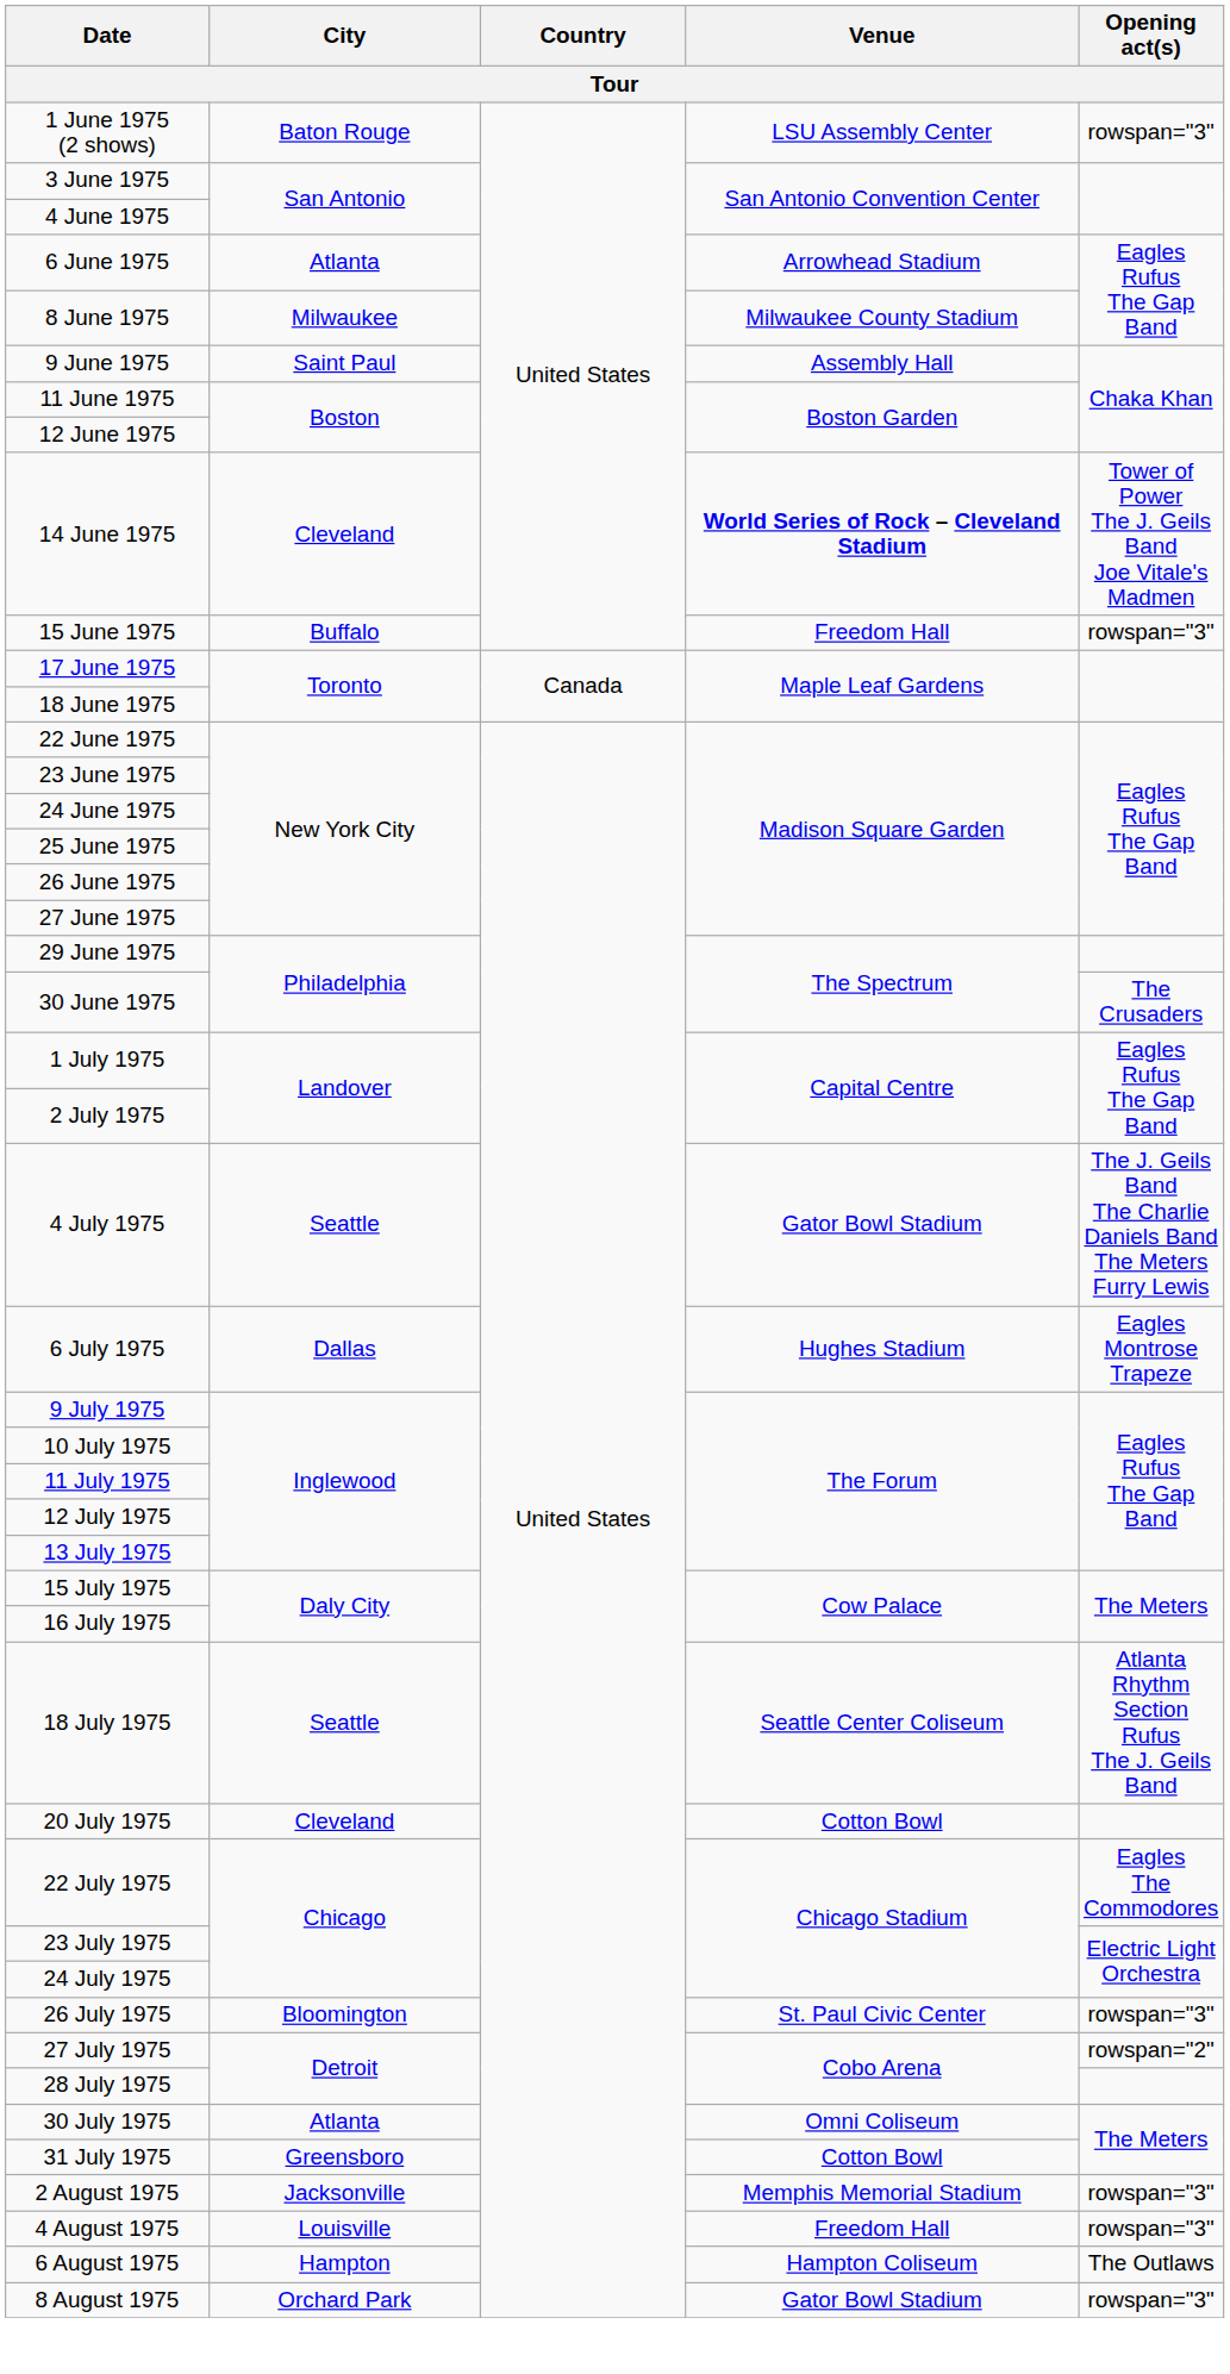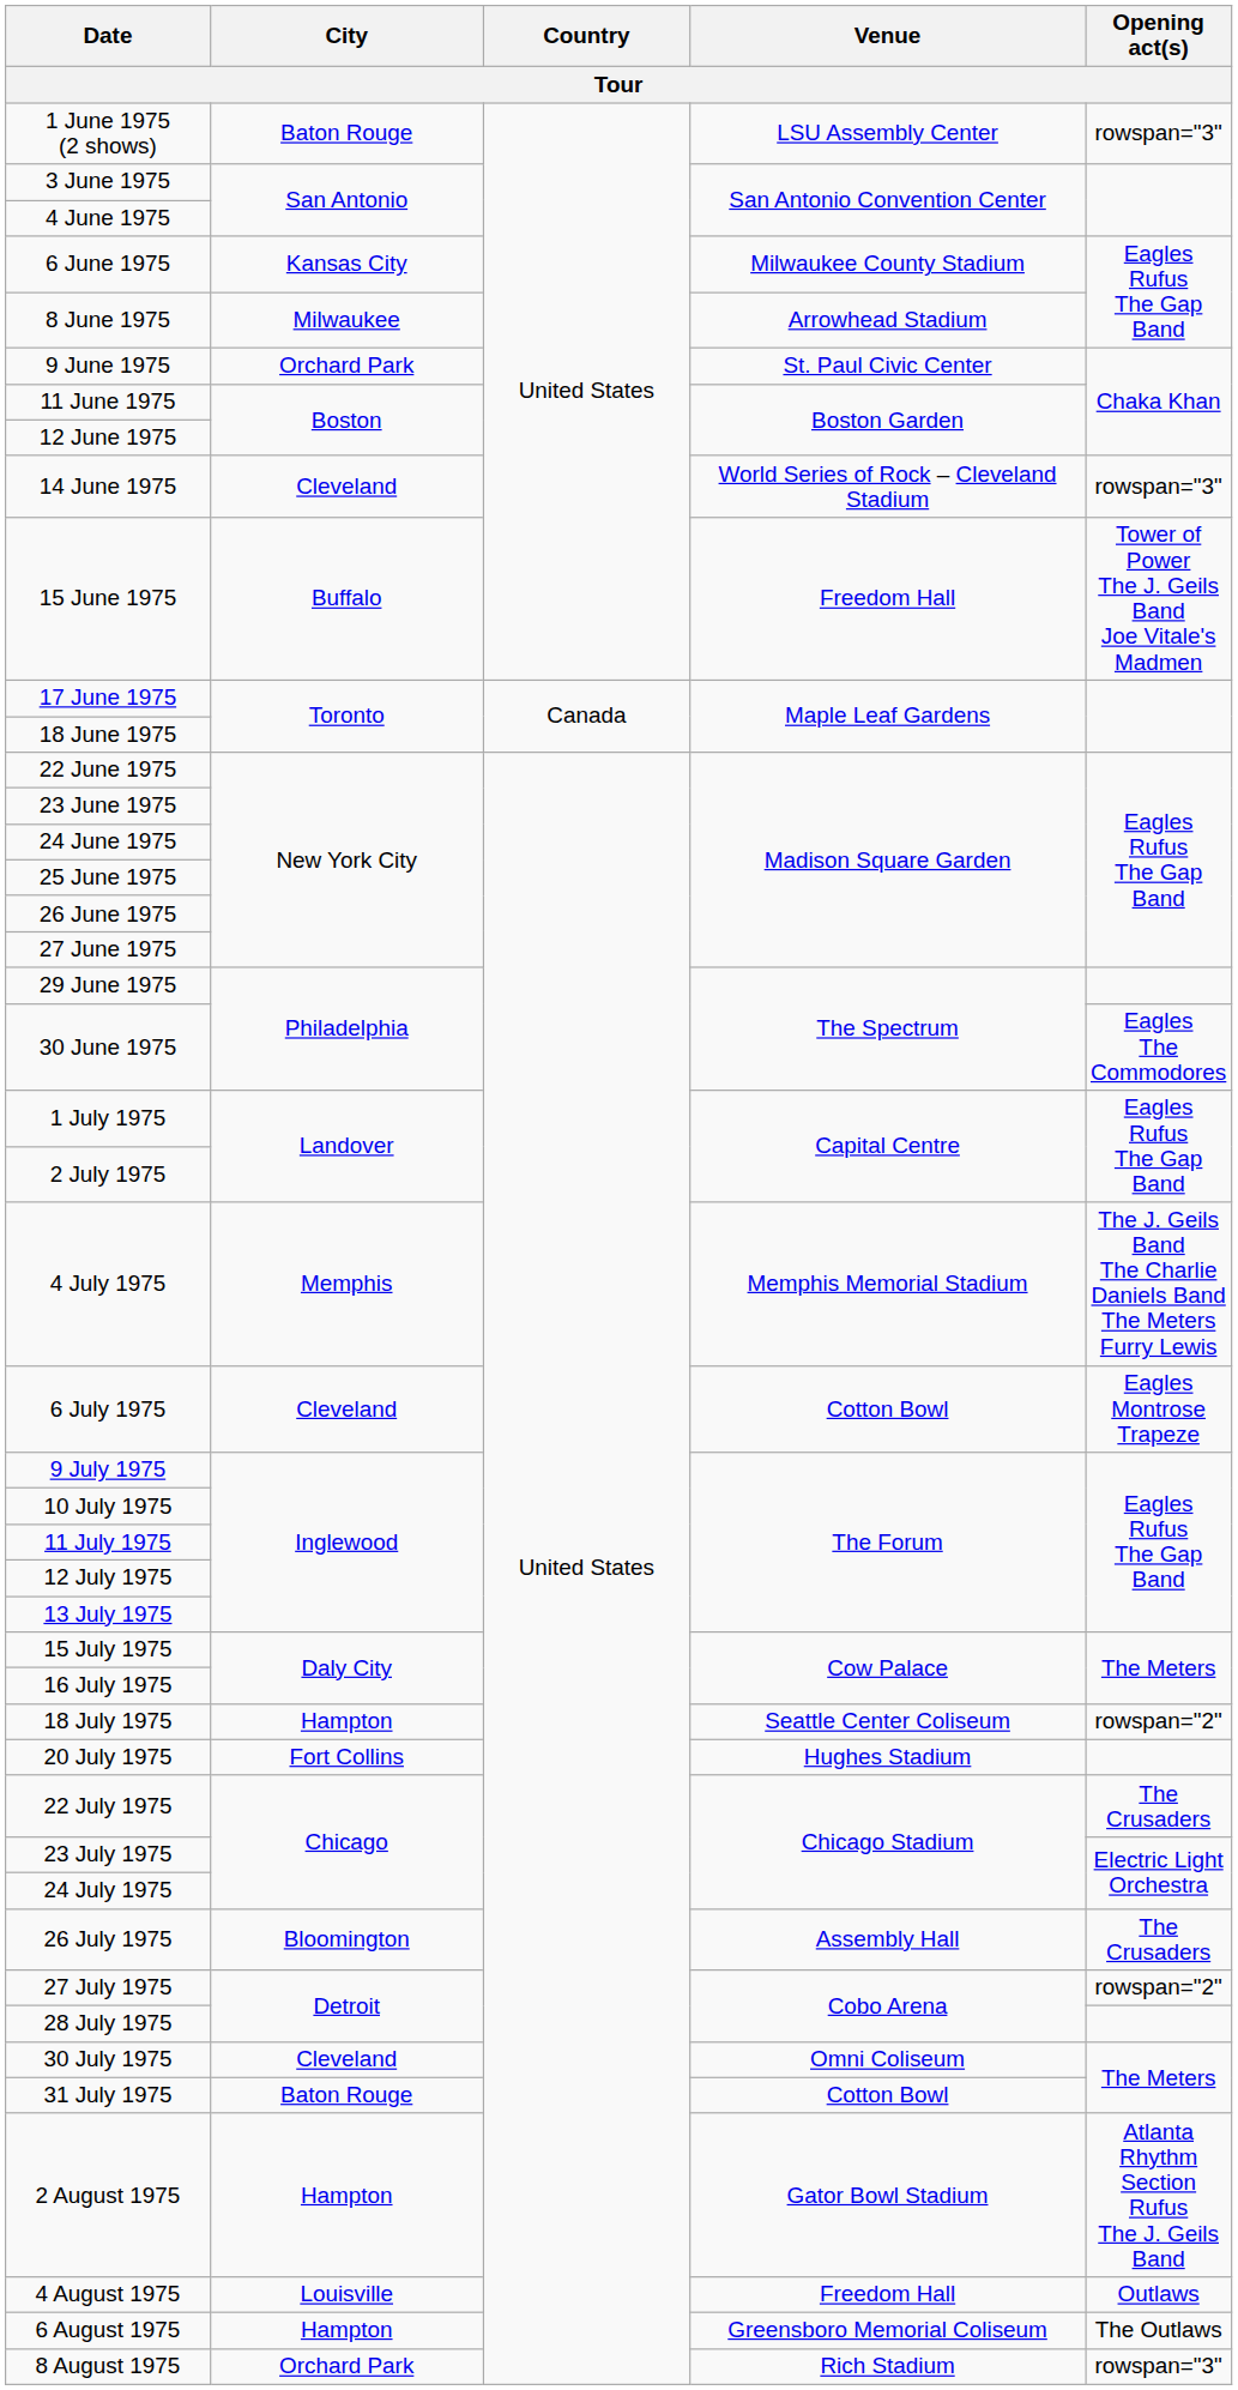 <table class="wikitable" style="text-align:center;">
 <tr>
 <th width="150">Date</th>
 <th width="200">City</th>
 <th width="150">Country</th>
 <th width="300">Venue</th>
 <th>Opening act(s)</th>
 </tr>
 <tr>
 <th colspan="5">Tour</th>
 </tr>
 <tr>
 <td>1 June 1975<br>(2 shows)</td>
 <td><a href='#'>Baton Rouge</a></td>
 <td rowspan="10">United States</td>
 <td><a href='#'>LSU Assembly Center</a></td>
 <td>rowspan="3" </td>
 </tr>
 <tr>
 <td>3 June 1975</td>
 <td rowspan="2"><a href='#'>San Antonio</a></td>
 <td rowspan="2"><a href='#'>San Antonio Convention Center</a></td>
 </tr>
 <tr>
 <td>4 June 1975</td>
 </tr>
 <tr>
 <td>6 June 1975</td>
-<td><a href='#'>Atlanta</a></td>
-<td><a href='#'>Arrowhead Stadium</a></td>
+<td><a href='#'>Kansas City</a></td>
+<td><a href='#'>Milwaukee County Stadium</a></td>
 <td rowspan="2"><a href='#'>Eagles</a><br><a href='#'>Rufus</a><br><a href='#'>The Gap Band</a></td>
 </tr>
 <tr>
 <td>8 June 1975</td>
 <td><a href='#'>Milwaukee</a></td>
-<td><a href='#'>Milwaukee County Stadium</a></td>
+<td><a href='#'>Arrowhead Stadium</a></td>
 </tr>
 <tr>
 <td>9 June 1975</td>
-<td><a href='#'>Saint Paul</a></td>
-<td><a href='#'>Assembly Hall</a></td>
+<td><a href='#'>Orchard Park</a></td>
+<td><a href='#'>St. Paul Civic Center</a></td>
 <td rowspan="3"><a href='#'>Chaka Khan</a></td>
 </tr>
 <tr>
 <td>11 June 1975</td>
 <td rowspan="2"><a href='#'>Boston</a></td>
 <td rowspan="2"><a href='#'>Boston Garden</a></td>
 </tr>
 <tr>
 <td>12 June 1975</td>
 </tr>
 <tr>
 <td>14 June 1975</td>
 <td><a href='#'>Cleveland</a></td>
-<td><strong><a href='#'>World Series of Rock</a> – <a href='#'>Cleveland Stadium</a></strong></td>
-<td><a href='#'>Tower of Power</a><br><a href='#'>The J. Geils Band</a><br><a href='#'>Joe Vitale's Madmen</a></td>
+<td><a href='#'>World Series of Rock</a> – <a href='#'>Cleveland Stadium</a></td>
+<td>rowspan="3" </td>
 </tr>
 <tr>
 <td>15 June 1975</td>
 <td><a href='#'>Buffalo</a></td>
 <td><a href='#'>Freedom Hall</a></td>
-<td>rowspan="3" </td>
+<td><a href='#'>Tower of Power</a><br><a href='#'>The J. Geils Band</a><br><a href='#'>Joe Vitale's Madmen</a></td>
 </tr>
 <tr>
 <td><a href='#'>17 June 1975</a></td>
 <td rowspan="2"><a href='#'>Toronto</a></td>
 <td rowspan="2">Canada</td>
 <td rowspan="2"><a href='#'>Maple Leaf Gardens</a></td>
 </tr>
 <tr>
 <td>18 June 1975</td>
 </tr>
 <tr>
 <td>22 June 1975</td>
 <td rowspan="6">New York City</td>
 <td rowspan="33">United States</td>
 <td rowspan="6"><a href='#'>Madison Square Garden</a></td>
 <td rowspan="6"><a href='#'>Eagles</a><br><a href='#'>Rufus</a><br><a href='#'>The Gap Band</a></td>
 </tr>
 <tr>
 <td>23 June 1975</td>
 </tr>
 <tr>
 <td>24 June 1975</td>
 </tr>
 <tr>
 <td>25 June 1975</td>
 </tr>
 <tr>
 <td>26 June 1975</td>
 </tr>
 <tr>
 <td>27 June 1975</td>
 </tr>
 <tr>
 <td>29 June 1975</td>
 <td rowspan="2"><a href='#'>Philadelphia</a></td>
 <td rowspan="2"><a href='#'>The Spectrum</a></td>
 <td></td>
 </tr>
 <tr>
 <td>30 June 1975</td>
-<td><a href='#'>The Crusaders</a></td>
+<td><a href='#'>Eagles</a><br><a href='#'>The Commodores</a></td>
 </tr>
 <tr>
 <td>1 July 1975</td>
 <td rowspan="2"><a href='#'>Landover</a></td>
 <td rowspan="2"><a href='#'>Capital Centre</a></td>
 <td rowspan="2"><a href='#'>Eagles</a><br><a href='#'>Rufus</a><br><a href='#'>The Gap Band</a></td>
 </tr>
 <tr>
 <td>2 July 1975</td>
 </tr>
 <tr>
 <td>4 July 1975</td>
-<td><a href='#'>Seattle</a></td>
-<td><a href='#'>Gator Bowl Stadium</a></td>
+<td><a href='#'>Memphis</a></td>
+<td><a href='#'>Memphis Memorial Stadium</a></td>
 <td><a href='#'>The J. Geils Band</a><br><a href='#'>The Charlie Daniels Band</a><br><a href='#'>The Meters</a><br><a href='#'>Furry Lewis</a></td>
 </tr>
 <tr>
 <td>6 July 1975</td>
-<td><a href='#'>Dallas</a></td>
-<td><a href='#'>Hughes Stadium</a></td>
+<td><a href='#'>Cleveland</a></td>
+<td><a href='#'>Cotton Bowl</a></td>
 <td><a href='#'>Eagles</a><br><a href='#'>Montrose</a><br><a href='#'>Trapeze</a></td>
 </tr>
 <tr>
 <td><a href='#'>9 July 1975</a></td>
 <td rowspan="5"><a href='#'>Inglewood</a></td>
 <td rowspan="5"><a href='#'>The Forum</a></td>
 <td rowspan="5"><a href='#'>Eagles</a><br><a href='#'>Rufus</a><br><a href='#'>The Gap Band</a></td>
 </tr>
 <tr>
 <td>10 July 1975</td>
 </tr>
 <tr>
 <td><a href='#'>11 July 1975</a></td>
 </tr>
 <tr>
 <td>12 July 1975</td>
 </tr>
 <tr>
 <td><a href='#'>13 July 1975</a></td>
 </tr>
 <tr>
 <td>15 July 1975</td>
 <td rowspan="2"><a href='#'>Daly City</a></td>
 <td rowspan="2"><a href='#'>Cow Palace</a></td>
 <td rowspan="2"><a href='#'>The Meters</a></td>
 </tr>
 <tr>
 <td>16 July 1975</td>
 </tr>
 <tr>
 <td>18 July 1975</td>
-<td><a href='#'>Seattle</a></td>
+<td><a href='#'>Hampton</a></td>
 <td><a href='#'>Seattle Center Coliseum</a></td>
-<td><a href='#'>Atlanta Rhythm Section</a><br><a href='#'>Rufus</a><br><a href='#'>The J. Geils Band</a></td>
+<td>rowspan="2" </td>
 </tr>
 <tr Rufus with Chaka Khan>
 <td>20 July 1975</td>
-<td><a href='#'>Cleveland</a></td>
-<td><a href='#'>Cotton Bowl</a></td>
+<td><a href='#'>Fort Collins</a></td>
+<td><a href='#'>Hughes Stadium</a></td>
 </tr>
 <tr Rufus with Chaka Khan opened>
 <td>22 July 1975</td>
 <td rowspan="3"><a href='#'>Chicago</a></td>
 <td rowspan="3"><a href='#'>Chicago Stadium</a></td>
-<td><a href='#'>Eagles</a><br><a href='#'>The Commodores</a></td>
+<td><a href='#'>The Crusaders</a></td>
 </tr>
 <tr>
 <td>23 July 1975</td>
 <td rowspan="2"><a href='#'>Electric Light Orchestra</a></td>
 </tr>
 <tr>
 <td>24 July 1975</td>
 </tr>
 <tr>
 <td>26 July 1975</td>
 <td><a href='#'>Bloomington</a></td>
-<td><a href='#'>St. Paul Civic Center</a></td>
-<td>rowspan="3" </td>
+<td><a href='#'>Assembly Hall</a></td>
+<td><a href='#'>The Crusaders</a></td>
 </tr>
 <tr>
 <td>27 July 1975</td>
 <td rowspan="2"><a href='#'>Detroit</a></td>
 <td rowspan="2"><a href='#'>Cobo Arena</a></td>
 <td>rowspan="2" </td>
 </tr>
 <tr>
 <td>28 July 1975</td>
 </tr>
 <tr>
 <td>30 July 1975</td>
-<td><a href='#'>Atlanta</a></td>
+<td><a href='#'>Cleveland</a></td>
 <td><a href='#'>Omni Coliseum</a></td>
 <td rowspan="2"><a href='#'>The Meters</a></td>
 </tr>
 <tr>
 <td>31 July 1975</td>
-<td><a href='#'>Greensboro</a></td>
+<td><a href='#'>Baton Rouge</a></td>
 <td><a href='#'>Cotton Bowl</a></td>
 </tr>
 <tr>
 <td>2 August 1975</td>
-<td><a href='#'>Jacksonville</a></td>
-<td><a href='#'>Memphis Memorial Stadium</a></td>
-<td>rowspan="3" </td>
+<td><a href='#'>Hampton</a></td>
+<td><a href='#'>Gator Bowl Stadium</a></td>
+<td><a href='#'>Atlanta Rhythm Section</a><br><a href='#'>Rufus</a><br><a href='#'>The J. Geils Band</a></td>
 </tr>
 <tr>
 <td>4 August 1975</td>
 <td><a href='#'>Louisville</a></td>
 <td><a href='#'>Freedom Hall</a></td>
-<td>rowspan="3" </td>
+<td><a href='#'>Outlaws</a></td>
 </tr>
 <tr>
 <td>6 August 1975</td>
 <td><a href='#'>Hampton</a></td>
-<td><a href='#'>Hampton Coliseum</a></td>
+<td><a href='#'>Greensboro Memorial Coliseum</a></td>
 <td>The Outlaws</td>
 </tr>
 <tr>
 <td>8 August 1975</td>
 <td><a href='#'>Orchard Park</a></td>
-<td><a href='#'>Gator Bowl Stadium</a></td>
+<td><a href='#'>Rich Stadium</a></td>
 <td>rowspan="3" </td>
 </tr>
 </table>
